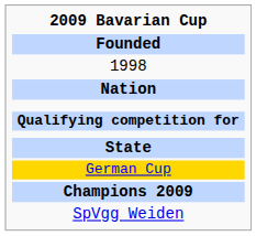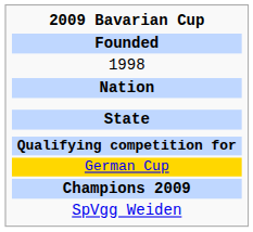 <table class="infobox football" style="width: 16em; text-align: center;">
 <tr>
 <th style="">2009 Bavarian Cup</th>
 </tr>
 <tr>
 <td style="background: #BFD7FF;"><strong>Founded</strong></td>
 </tr>
 <tr>
 <td style="">1998</td>
 </tr>
 <tr>
 <td style="background: #BFD7FF;"><strong>Nation</strong></td>
 </tr>
 <tr>
 <td style=""></td>
 </tr>
 <tr>
 <td style="line-height: 15px;"></td>
 </tr>
 <tr>
-<td style="font-size: 12px; background: #BFD7FF;"><strong>Qualifying competition for</strong></td>
+<td style="background: #BFD7FF;"><strong>State</strong></td>
 </tr>
 <tr>
 <td style=""></td>
 </tr>
 <tr>
-<td style="background: #BFD7FF;"><strong>State</strong></td>
+<td style="font-size: 12px; background: #BFD7FF;"><strong>Qualifying competition for</strong></td>
 </tr>
 <tr>
 <td style="background: gold; font-size: 12px;"><a href='#'>German Cup</a></td>
 </tr>
 <tr>
 <td style="background: #BFD7FF;"><strong>Champions 2009</strong></td>
 </tr>
 <tr>
 <td style=""><a href='#'>SpVgg Weiden</a></td>
 </tr>
 </table>
